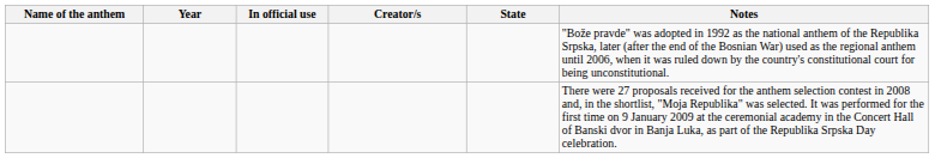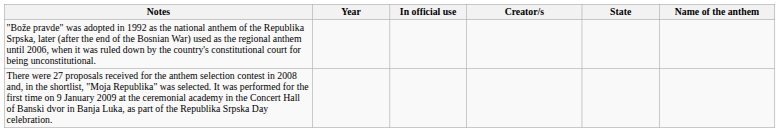 <table class="wikitable" style="margin:1em auto;">
 <tr>
-<th width="15%">Name of the anthem</th>
+<th>Notes</th>
 <th width="10%">Year</th>
 <th width="10%">In official use</th>
 <th width="15%">Creator/s</th>
 <th width="10%">State</th>
-<th>Notes</th>
+<th width="15%">Name of the anthem</th>
 </tr>
 <tr>
+<td>"Bože pravde" was adopted in 1992 as the national anthem of the Republika Srpska, later (after the end of the Bosnian War) used as the regional anthem until 2006, when it was ruled down by the country's constitutional court for being unconstitutional.</td>
 <td></td>
 <td></td>
 <td></td>
 <td></td>
 <td></td>
-<td>"Bože pravde" was adopted in 1992 as the national anthem of the Republika Srpska, later (after the end of the Bosnian War) used as the regional anthem until 2006, when it was ruled down by the country's constitutional court for being unconstitutional.</td>
 </tr>
 <tr>
+<td>There were 27 proposals received for the anthem selection contest in 2008 and, in the shortlist, "Moja Republika" was selected. It was performed for the first time on 9 January 2009 at the ceremonial academy in the Concert Hall of Banski dvor in Banja Luka, as part of the Republika Srpska Day celebration.</td>
 <td></td>
 <td></td>
 <td></td>
 <td></td>
 <td></td>
-<td>There were 27 proposals received for the anthem selection contest in 2008 and, in the shortlist, "Moja Republika" was selected. It was performed for the first time on 9 January 2009 at the ceremonial academy in the Concert Hall of Banski dvor in Banja Luka, as part of the Republika Srpska Day celebration.</td>
 </tr>
 </table>
